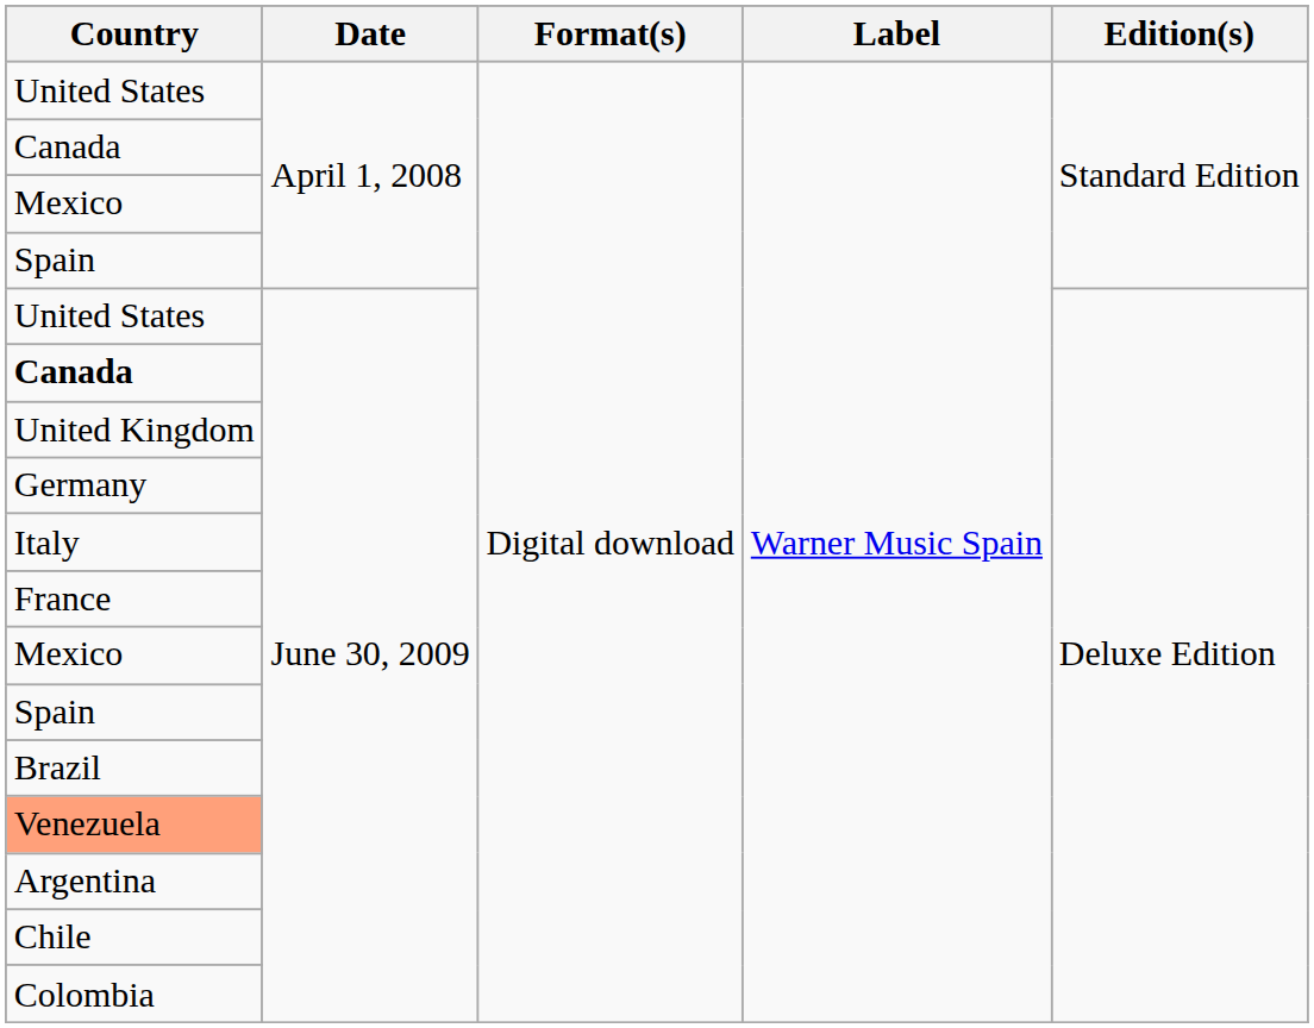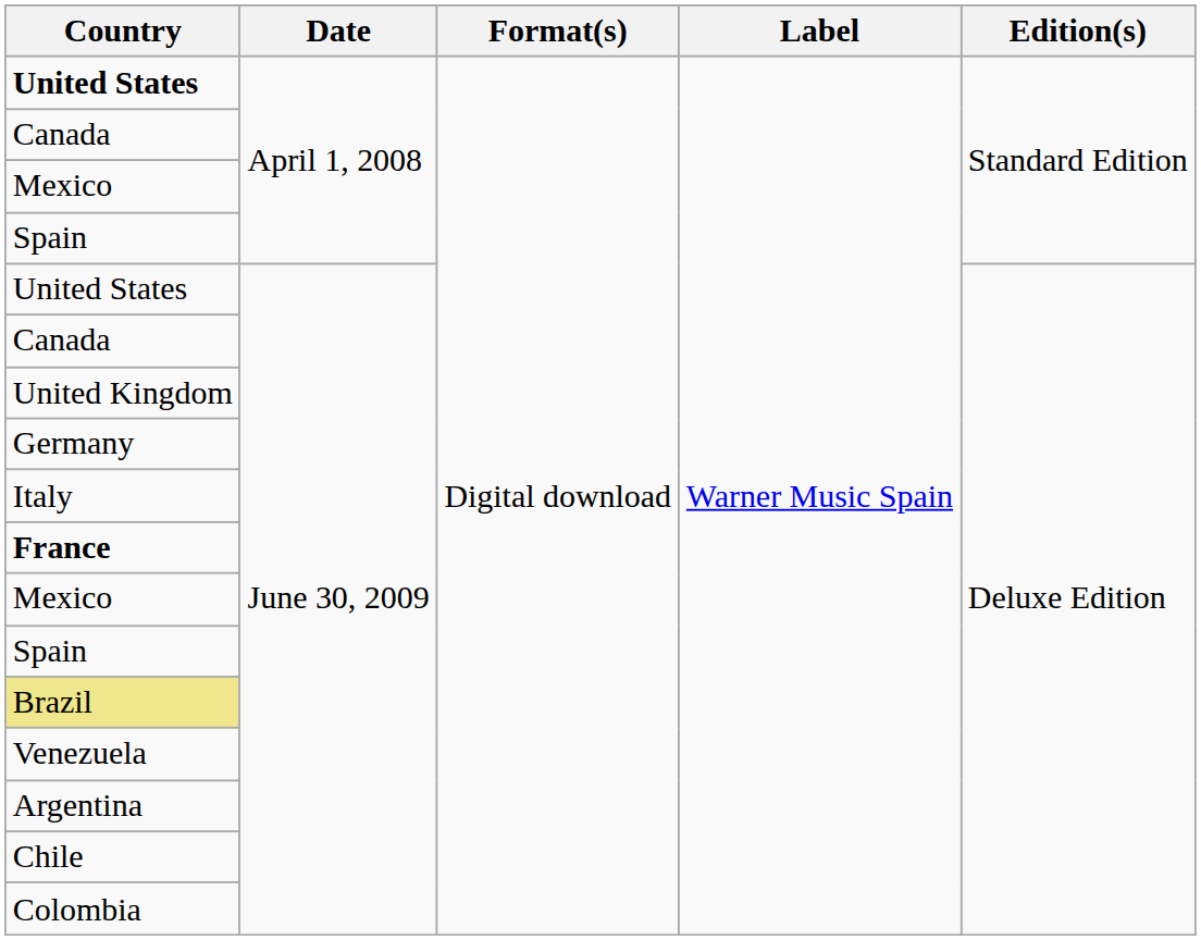 <table class="wikitable plainrowheaders">
 <tr>
 <th scope="col">Country</th>
 <th scope="col">Date</th>
 <th scope="col">Format(s)</th>
 <th scope="col">Label</th>
 <th scope="col">Edition(s)</th>
 </tr>
 <tr>
-<td>United States</td>
+<td><strong>United States</strong></td>
 <td rowspan="4">April 1, 2008</td>
 <td rowspan="17">Digital download</td>
 <td rowspan="17"><a href='#'>Warner Music Spain</a></td>
 <td rowspan="4">Standard Edition</td>
 </tr>
 <tr>
 <td>Canada</td>
 </tr>
 <tr>
 <td>Mexico</td>
 </tr>
 <tr>
 <td>Spain</td>
 </tr>
 <tr>
 <td>United States</td>
 <td rowspan="13">June 30, 2009</td>
 <td rowspan="13">Deluxe Edition</td>
 </tr>
 <tr>
-<td><strong>Canada</strong></td>
+<td>Canada</td>
 </tr>
 <tr>
 <td>United Kingdom</td>
 </tr>
 <tr>
 <td>Germany</td>
 </tr>
 <tr>
 <td>Italy</td>
 </tr>
 <tr>
-<td>France</td>
+<td><strong>France</strong></td>
 </tr>
 <tr>
 <td>Mexico</td>
 </tr>
 <tr>
 <td>Spain</td>
 </tr>
 <tr>
-<td>Brazil</td>
+<td style="background: khaki;">Brazil</td>
 </tr>
 <tr>
-<td style="background: lightsalmon;">Venezuela</td>
+<td>Venezuela</td>
 </tr>
 <tr>
 <td>Argentina</td>
 </tr>
 <tr>
 <td>Chile</td>
 </tr>
 <tr>
 <td>Colombia</td>
 </tr>
 <tr>
 </tr>
 </table>
